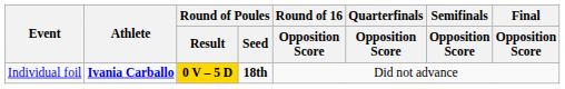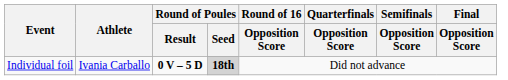 <table class="wikitable" border="1" style="font-size:90%">
 <tr>
 <th rowspan=2>Event</th>
 <th rowspan=2>Athlete</th>
 <th colspan=2>Round of Poules</th>
 <th>Round of 16</th>
 <th>Quarterfinals</th>
 <th>Semifinals</th>
 <th>Final</th>
 </tr>
 <tr>
 <th>Result</th>
 <th>Seed</th>
 <th>Opposition<br>Score</th>
 <th>Opposition<br>Score</th>
 <th>Opposition<br>Score</th>
 <th>Opposition<br>Score</th>
 </tr>
 <tr>
 <td><a href='#'>Individual foil</a></td>
-<td><strong><a href='#'>Ivania Carballo</a></strong></td>
-<td align=center style="background: gold;"><strong>0 V – 5 D</strong></td>
-<td align=center><strong>18th</strong></td>
+<td><a href='#'>Ivania Carballo</a></td>
+<td align=center><strong>0 V – 5 D</strong></td>
+<td align=center style="background: lightgrey;"><strong>18th</strong></td>
 <td align=center colspan="7">Did not advance</td>
 </tr>
 </table>
